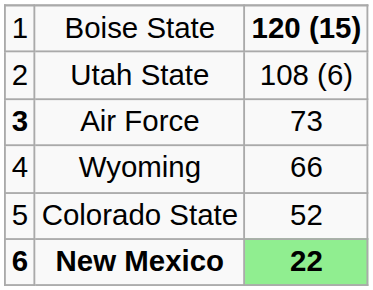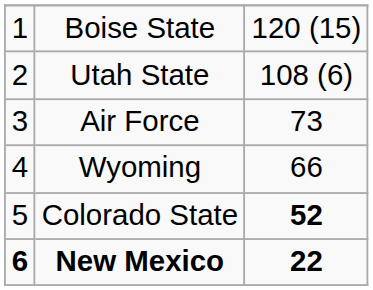 <table class="wikitable" style="display: inline-table;">
 <tr align="center">
 </tr>
 <tr align="center">
 <td>1</td>
 <td>Boise State</td>
-<td><strong>120 (15)</strong></td>
+<td>120 (15)</td>
 </tr>
 <tr align="center">
 <td>2</td>
 <td>Utah State</td>
 <td>108 (6)</td>
 </tr>
 <tr align="center">
-<td><strong>3</strong></td>
+<td>3</td>
 <td>Air Force</td>
 <td>73</td>
 </tr>
 <tr align="center">
 <td>4</td>
 <td>Wyoming</td>
 <td>66</td>
 </tr>
 <tr align="center">
 <td>5</td>
 <td>Colorado State</td>
-<td>52</td>
+<td><strong>52</strong></td>
 </tr>
 <tr align="center">
 <td><strong>6</strong></td>
 <td><strong>New Mexico</strong></td>
-<td style="background: lightgreen;"><strong>22</strong></td>
+<td><strong>22</strong></td>
 </tr>
 </table>
